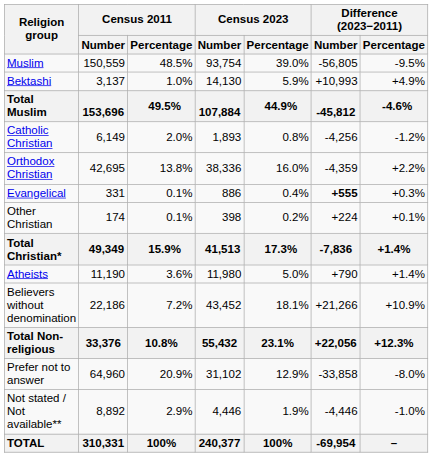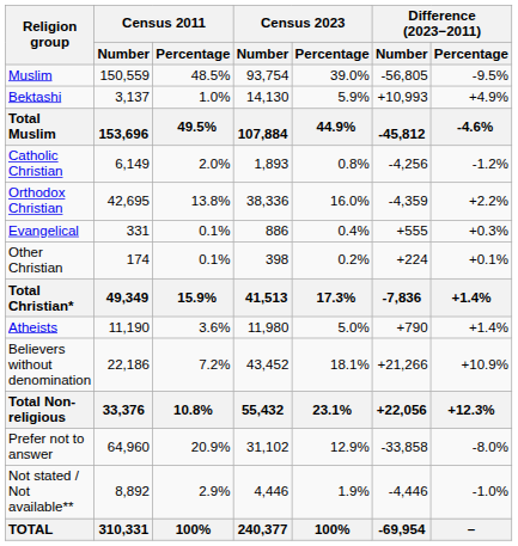 <table class="wikitable" style="text-align:right;width: 67%">
 <tr style="background:#e0e0e0;">
 <th rowspan="2">Religion group</th>
 <th colspan="2">Census 2011</th>
 <th colspan="2">Census 2023</th>
 <th colspan="2">Difference (2023−2011)</th>
 </tr>
 <tr style="background:#e0e0e0;">
 <th>Number</th>
 <th>Percentage</th>
 <th>Number</th>
 <th>Percentage</th>
 <th>Number</th>
 <th>Percentage</th>
 </tr>
 <tr>
 <td style="text-align:left;"><a href='#'>Muslim</a></td>
 <td>150,559</td>
 <td>48.5%</td>
 <td>93,754</td>
 <td>39.0%</td>
 <td>-56,805</td>
 <td>-9.5%</td>
 </tr>
 <tr>
 <td style="text-align:left;"><a href='#'>Bektashi</a></td>
 <td>3,137</td>
 <td>1.0%</td>
 <td>14,130</td>
 <td>5.9%</td>
 <td>+10,993</td>
 <td>+4.9%</td>
 </tr>
 <tr>
 <th style="text-align:left;">Total Muslim</th>
 <th>  153,696</th>
 <th>  49.5%</th>
 <th>  107,884</th>
 <th>  44.9%</th>
 <th>  -45,812</th>
 <th>  -4.6%</th>
 </tr>
 <tr>
 <td style="text-align:left;"><a href='#'>Catholic Christian</a></td>
 <td>6,149</td>
 <td>2.0%</td>
 <td>1,893</td>
 <td>0.8%</td>
 <td>-4,256</td>
 <td>-1.2%</td>
 </tr>
 <tr>
 <td style="text-align:left;"><a href='#'>Orthodox Christian</a></td>
 <td>42,695</td>
 <td>13.8%</td>
 <td>38,336</td>
 <td>16.0%</td>
 <td>-4,359</td>
 <td>+2.2%</td>
 </tr>
 <tr>
 <td style="text-align:left;"><a href='#'>Evangelical</a></td>
 <td>331</td>
 <td>0.1%</td>
 <td>886</td>
 <td>0.4%</td>
-<td><strong>+555</strong></td>
+<td>+555</td>
 <td>+0.3%</td>
 </tr>
 <tr>
 <td style="text-align:left;">Other Christian</td>
 <td>174</td>
 <td>0.1%</td>
 <td>398</td>
 <td>0.2%</td>
 <td>+224</td>
 <td>+0.1%</td>
 </tr>
 <tr>
 <th style="text-align:left;">Total Christian*</th>
 <th>  49,349</th>
 <th>  15.9%</th>
 <th>  41,513</th>
 <th>  17.3%</th>
 <th>-7,836</th>
 <th>+1.4%</th>
 </tr>
 <tr>
 <td style="text-align:left;"><a href='#'>Atheists</a></td>
 <td>11,190</td>
 <td>3.6%</td>
 <td>11,980</td>
 <td>5.0%</td>
 <td>+790</td>
 <td>+1.4%</td>
 </tr>
 <tr>
 <td style="text-align:left;">Believers without denomination</td>
 <td>22,186</td>
 <td>7.2%</td>
 <td>43,452</td>
 <td>18.1%</td>
 <td>+21,266</td>
 <td>+10.9%</td>
 </tr>
 <tr>
 <th style="text-align:left;">Total Non-religious</th>
 <th>33,376</th>
 <th>10.8%</th>
 <th>55,432</th>
 <th>23.1%</th>
 <th>+22,056</th>
 <th>+12.3%</th>
 </tr>
 <tr>
 <td style="text-align:left;">Prefer not to answer</td>
 <td>64,960</td>
 <td>20.9%</td>
 <td>31,102</td>
 <td>12.9%</td>
 <td>-33,858</td>
 <td>-8.0%</td>
 </tr>
 <tr>
 <td style="text-align:left;">Not stated / Not available**</td>
 <td>8,892</td>
 <td>2.9%</td>
 <td>4,446</td>
 <td>1.9%</td>
 <td>-4,446</td>
 <td>-1.0%</td>
 </tr>
 <tr style="background:#e0e0e0;">
 <th style="text-align:left;"><strong>TOTAL</strong></th>
 <th><strong>310,331</strong></th>
 <th><strong>100%</strong></th>
 <th><strong>240,377</strong></th>
 <th><strong>100%</strong></th>
 <th><strong>-69,954</strong></th>
 <th><strong>–</strong></th>
 </tr>
 </table>
